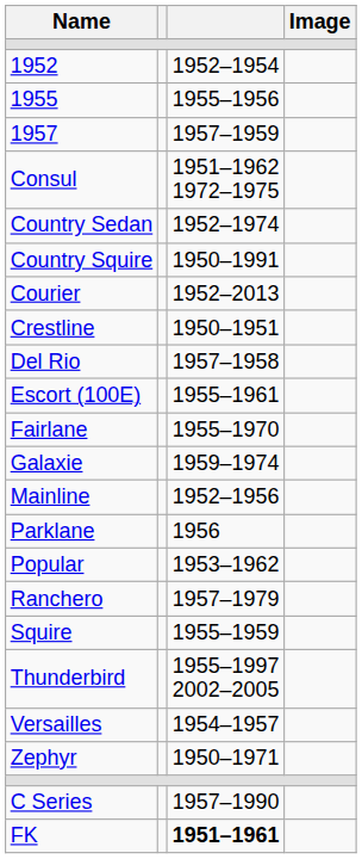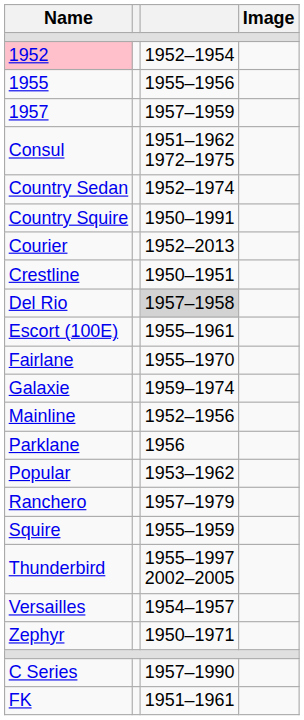 <table class="wikitable sortable">
 <tr>
 <th style="width:px;">Name</th>
 <th style="width:px;"></th>
 <th style="width:px;"></th>
 <th style="width:px;">Image</th>
 </tr>
 <tr>
 <td colspan=6 style=background:#e0e0e0></td>
 </tr>
 <tr>
-<td><a href='#'>1952</a></td>
+<td style="background: pink;"><a href='#'>1952</a></td>
 <td></td>
 <td>1952–1954</td>
 <td></td>
 </tr>
 <tr>
 <td><a href='#'>1955</a></td>
 <td></td>
 <td>1955–1956</td>
 <td></td>
 </tr>
 <tr>
 <td><a href='#'>1957</a></td>
 <td></td>
 <td>1957–1959</td>
 <td></td>
 </tr>
 <tr>
 <td><a href='#'>Consul</a></td>
 <td></td>
 <td>1951–1962<br>1972–1975</td>
 <td></td>
 </tr>
 <tr>
 <td><a href='#'>Country Sedan</a></td>
 <td></td>
 <td>1952–1974</td>
 <td></td>
 </tr>
 <tr>
 <td><a href='#'>Country Squire</a></td>
 <td></td>
 <td>1950–1991</td>
 <td></td>
 </tr>
 <tr>
 <td><a href='#'>Courier</a></td>
 <td></td>
 <td>1952–2013</td>
 <td></td>
 </tr>
 <tr>
 <td><a href='#'>Crestline</a></td>
 <td></td>
 <td>1950–1951</td>
 <td></td>
 </tr>
 <tr>
 <td><a href='#'>Del Rio</a></td>
 <td></td>
-<td>1957–1958</td>
+<td style="background: lightgrey;">1957–1958</td>
 <td></td>
 </tr>
 <tr>
 <td><a href='#'>Escort (100E)</a></td>
 <td></td>
 <td>1955–1961</td>
 <td></td>
 </tr>
 <tr>
 <td><a href='#'>Fairlane</a></td>
 <td></td>
 <td>1955–1970</td>
 <td></td>
 </tr>
 <tr>
 <td><a href='#'>Galaxie</a></td>
 <td></td>
 <td>1959–1974</td>
 <td></td>
 </tr>
 <tr>
 <td><a href='#'>Mainline</a></td>
 <td></td>
 <td>1952–1956</td>
 <td></td>
 </tr>
 <tr>
 <td><a href='#'>Parklane</a></td>
 <td></td>
 <td>1956</td>
 <td></td>
 </tr>
 <tr>
 <td><a href='#'>Popular</a></td>
 <td></td>
 <td>1953–1962</td>
 <td></td>
 </tr>
 <tr>
 <td><a href='#'>Ranchero</a></td>
 <td></td>
 <td>1957–1979</td>
 <td></td>
 </tr>
 <tr>
 <td><a href='#'>Squire</a></td>
 <td></td>
 <td>1955–1959</td>
 <td></td>
 </tr>
 <tr>
 <td><a href='#'>Thunderbird</a></td>
 <td></td>
 <td>1955–1997<br> 2002–2005</td>
 <td></td>
 </tr>
 <tr>
 <td><a href='#'>Versailles</a></td>
 <td></td>
 <td>1954–1957</td>
 <td></td>
 </tr>
 <tr>
 <td><a href='#'>Zephyr</a></td>
 <td></td>
 <td>1950–1971</td>
 <td></td>
 </tr>
 <tr>
 <td colspan=6 style=background:#e0e0e0></td>
 </tr>
 <tr>
 <td><a href='#'>C Series</a></td>
 <td></td>
 <td>1957–1990</td>
 <td></td>
 </tr>
 <tr>
 <td><a href='#'>FK</a></td>
 <td></td>
-<td><strong>1951–1961</strong></td>
+<td>1951–1961</td>
 <td></td>
 </tr>
 </table>
